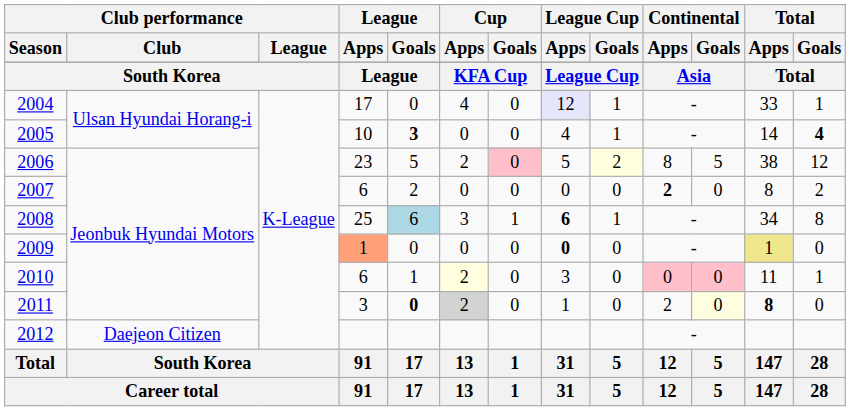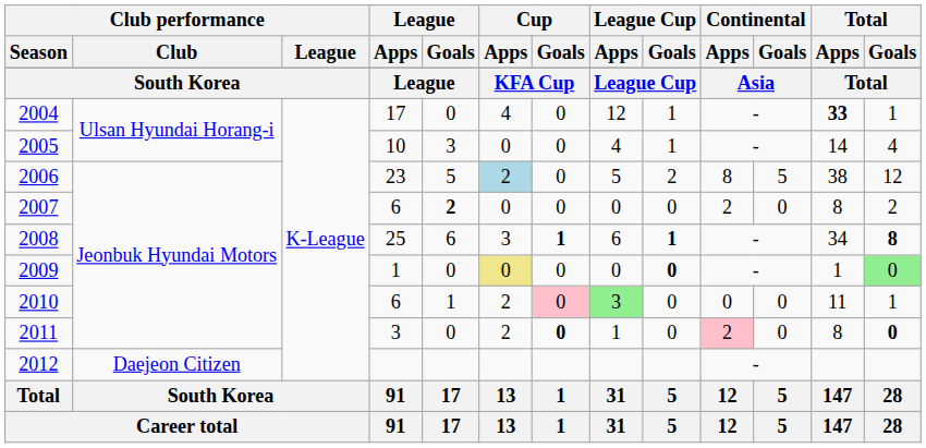 <table class="wikitable" style="text-align:center">
 <tr>
 <th colspan=3>Club performance</th>
 <th colspan=2>League</th>
 <th colspan=2>Cup</th>
 <th colspan=2>League Cup</th>
 <th colspan=2>Continental</th>
 <th colspan=2>Total</th>
 </tr>
 <tr>
 <th>Season</th>
 <th>Club</th>
 <th>League</th>
 <th>Apps</th>
 <th>Goals</th>
 <th>Apps</th>
 <th>Goals</th>
 <th>Apps</th>
 <th>Goals</th>
 <th>Apps</th>
 <th>Goals</th>
 <th>Apps</th>
 <th>Goals</th>
 </tr>
 <tr>
 </tr>
 <tr>
 <th colspan=3>South Korea</th>
 <th colspan=2>League</th>
 <th colspan=2><a href='#'>KFA Cup</a></th>
 <th colspan=2><a href='#'>League Cup</a></th>
 <th colspan=2><a href='#'>Asia</a></th>
 <th colspan=2>Total</th>
 </tr>
 <tr>
 <td><a href='#'>2004</a></td>
 <td rowspan="2"><a href='#'>Ulsan Hyundai Horang-i</a></td>
 <td rowspan="9"><a href='#'>K-League</a></td>
 <td>17</td>
 <td>0</td>
 <td>4</td>
 <td>0</td>
-<td style="background: lavender;">12</td>
+<td>12</td>
 <td>1</td>
 <td colspan="2">-</td>
-<td>33</td>
+<td><strong>33</strong></td>
 <td>1</td>
 </tr>
 <tr>
 <td><a href='#'>2005</a></td>
 <td>10</td>
-<td><strong>3</strong></td>
+<td>3</td>
 <td>0</td>
 <td>0</td>
 <td>4</td>
 <td>1</td>
 <td colspan="2">-</td>
 <td>14</td>
-<td><strong>4</strong></td>
+<td>4</td>
 </tr>
 <tr>
 <td><a href='#'>2006</a></td>
 <td rowspan="6"><a href='#'>Jeonbuk Hyundai Motors</a></td>
 <td>23</td>
 <td>5</td>
+<td style="background: lightblue;">2</td>
+<td>0</td>
+<td>5</td>
 <td>2</td>
-<td style="background: pink;">0</td>
-<td>5</td>
-<td style="background: lightyellow;">2</td>
 <td>8</td>
 <td>5</td>
 <td>38</td>
 <td>12</td>
 </tr>
 <tr>
 <td><a href='#'>2007</a></td>
 <td>6</td>
-<td>2</td>
+<td><strong>2</strong></td>
 <td>0</td>
 <td>0</td>
 <td>0</td>
 <td>0</td>
-<td><strong>2</strong></td>
+<td>2</td>
 <td>0</td>
 <td>8</td>
 <td>2</td>
 </tr>
 <tr>
 <td><a href='#'>2008</a></td>
 <td>25</td>
-<td style="background: lightblue;">6</td>
+<td>6</td>
 <td>3</td>
-<td>1</td>
-<td><strong>6</strong></td>
-<td>1</td>
+<td><strong>1</strong></td>
+<td>6</td>
+<td><strong>1</strong></td>
 <td colspan="2">-</td>
 <td>34</td>
-<td>8</td>
+<td><strong>8</strong></td>
 </tr>
 <tr>
 <td><a href='#'>2009</a></td>
-<td style="background: lightsalmon;">1</td>
+<td>1</td>
 <td>0</td>
+<td style="background: khaki;">0</td>
 <td>0</td>
 <td>0</td>
 <td><strong>0</strong></td>
-<td>0</td>
 <td colspan="2">-</td>
-<td style="background: khaki;">1</td>
-<td>0</td>
+<td>1</td>
+<td style="background: lightgreen;">0</td>
 </tr>
 <tr>
 <td><a href='#'>2010</a></td>
 <td>6</td>
 <td>1</td>
-<td style="background: lightyellow;">2</td>
+<td>2</td>
+<td style="background: pink;">0</td>
+<td style="background: lightgreen;">3</td>
 <td>0</td>
-<td>3</td>
 <td>0</td>
-<td style="background: pink;">0</td>
-<td style="background: pink;">0</td>
+<td>0</td>
 <td>11</td>
 <td>1</td>
 </tr>
 <tr>
 <td><a href='#'>2011</a></td>
 <td>3</td>
+<td>0</td>
+<td>2</td>
 <td><strong>0</strong></td>
-<td style="background: lightgrey;">2</td>
-<td>0</td>
 <td>1</td>
 <td>0</td>
-<td>2</td>
-<td style="background: lightyellow;">0</td>
-<td><strong>8</strong></td>
+<td style="background: pink;">2</td>
 <td>0</td>
+<td>8</td>
+<td><strong>0</strong></td>
 </tr>
 <tr>
 <td><a href='#'>2012</a></td>
 <td rowspan="1"><a href='#'>Daejeon Citizen</a></td>
 <td></td>
 <td></td>
 <td></td>
 <td></td>
 <td></td>
 <td></td>
 <td colspan="2">-</td>
 <td></td>
 <td></td>
 </tr>
 <tr>
 <th rowspan=1>Total</th>
 <th colspan=2>South Korea</th>
 <th>91</th>
 <th>17</th>
 <th>13</th>
 <th>1</th>
 <th>31</th>
 <th>5</th>
 <th>12</th>
 <th>5</th>
 <th>147</th>
 <th>28</th>
 </tr>
 <tr>
 <th colspan=3>Career total</th>
 <th>91</th>
 <th>17</th>
 <th>13</th>
 <th>1</th>
 <th>31</th>
 <th>5</th>
 <th>12</th>
 <th>5</th>
 <th>147</th>
 <th>28</th>
 </tr>
 </table>
